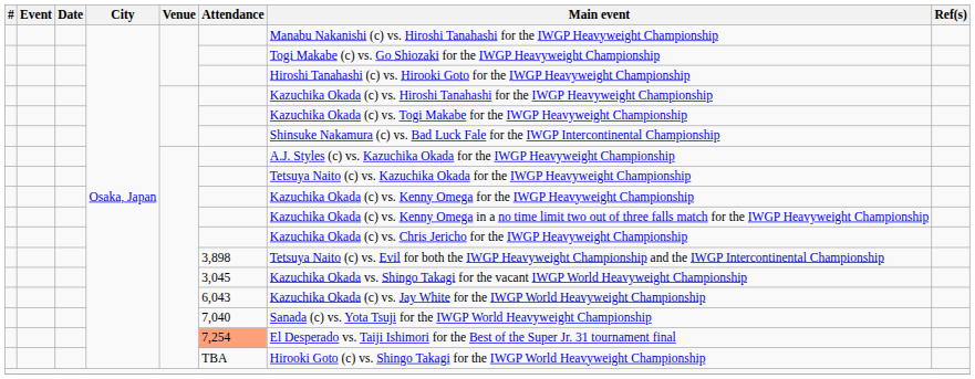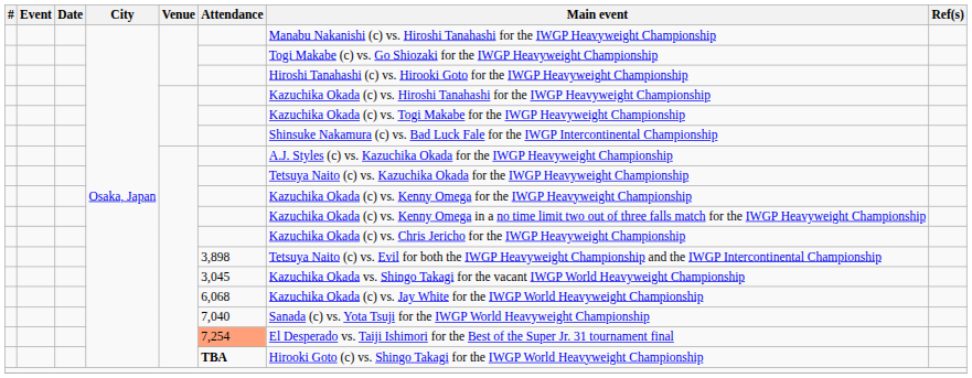 <table class="wikitable sortable" align="center">
 <tr>
 <th>#</th>
 <th>Event</th>
 <th>Date</th>
 <th>City</th>
 <th>Venue</th>
 <th>Attendance</th>
 <th>Main event</th>
 <th>Ref(s)</th>
 </tr>
 <tr>
 <td></td>
 <td></td>
 <td></td>
 <td rowspan="17"><a href='#'>Osaka, Japan</a></td>
 <td rowspan="3"></td>
 <td></td>
 <td align="left"><a href='#'>Manabu Nakanishi</a> (c) vs. <a href='#'>Hiroshi Tanahashi</a> for the <a href='#'>IWGP Heavyweight Championship</a></td>
 <td></td>
 </tr>
 <tr>
 <td></td>
 <td></td>
 <td></td>
 <td></td>
 <td align="left"><a href='#'>Togi Makabe</a> (c) vs. <a href='#'>Go Shiozaki</a> for the <a href='#'>IWGP Heavyweight Championship</a></td>
 <td></td>
 </tr>
 <tr>
 <td></td>
 <td></td>
 <td></td>
 <td></td>
 <td align="left"><a href='#'>Hiroshi Tanahashi</a> (c) vs. <a href='#'>Hirooki Goto</a> for the <a href='#'>IWGP Heavyweight Championship</a></td>
 <td></td>
 </tr>
 <tr>
 <td></td>
 <td></td>
 <td></td>
 <td rowspan="3"></td>
 <td></td>
 <td align="left"><a href='#'>Kazuchika Okada</a> (c) vs. <a href='#'>Hiroshi Tanahashi</a> for the <a href='#'>IWGP Heavyweight Championship</a></td>
 <td></td>
 </tr>
 <tr>
 <td></td>
 <td></td>
 <td></td>
 <td></td>
 <td align="left"><a href='#'>Kazuchika Okada</a> (c) vs. <a href='#'>Togi Makabe</a> for the <a href='#'>IWGP Heavyweight Championship</a></td>
 <td></td>
 </tr>
 <tr>
 <td></td>
 <td></td>
 <td></td>
 <td></td>
 <td align="left"><a href='#'>Shinsuke Nakamura</a> (c) vs. <a href='#'>Bad Luck Fale</a> for the <a href='#'>IWGP Intercontinental Championship</a></td>
 <td></td>
 </tr>
 <tr>
 <td></td>
 <td></td>
 <td></td>
 <td rowspan="11"></td>
 <td></td>
 <td align="left"><a href='#'>A.J. Styles</a> (c) vs. <a href='#'>Kazuchika Okada</a> for the <a href='#'>IWGP Heavyweight Championship</a></td>
 <td></td>
 </tr>
 <tr>
 <td></td>
 <td></td>
 <td></td>
 <td></td>
 <td align="left"><a href='#'>Tetsuya Naito</a> (c) vs. <a href='#'>Kazuchika Okada</a> for the <a href='#'>IWGP Heavyweight Championship</a></td>
 <td></td>
 </tr>
 <tr>
 <td></td>
 <td></td>
 <td></td>
 <td></td>
 <td align="left"><a href='#'>Kazuchika Okada</a> (c) vs. <a href='#'>Kenny Omega</a> for the <a href='#'>IWGP Heavyweight Championship</a></td>
 <td></td>
 </tr>
 <tr>
 <td></td>
 <td></td>
 <td></td>
 <td></td>
 <td align="left"><a href='#'>Kazuchika Okada</a> (c) vs. <a href='#'>Kenny Omega</a> in a <a href='#'>no time limit two out of three falls match</a> for the <a href='#'>IWGP Heavyweight Championship</a></td>
 <td></td>
 </tr>
 <tr>
 <td></td>
 <td></td>
 <td></td>
 <td></td>
 <td><a href='#'>Kazuchika Okada</a> (c) vs. <a href='#'>Chris Jericho</a> for the <a href='#'>IWGP Heavyweight Championship</a></td>
 <td></td>
 </tr>
 <tr>
 <td></td>
 <td></td>
 <td></td>
 <td>3,898</td>
 <td><a href='#'>Tetsuya Naito</a> (c) vs. <a href='#'>Evil</a> for both the <a href='#'>IWGP Heavyweight Championship</a> and the <a href='#'>IWGP Intercontinental Championship</a></td>
 <td></td>
 </tr>
 <tr>
 <td></td>
 <td></td>
 <td></td>
 <td>3,045</td>
 <td><a href='#'>Kazuchika Okada</a> vs. <a href='#'>Shingo Takagi</a> for the vacant <a href='#'>IWGP World Heavyweight Championship</a></td>
 <td></td>
 </tr>
 <tr>
 <td></td>
 <td></td>
 <td></td>
-<td>6,043</td>
+<td>6,068</td>
 <td><a href='#'>Kazuchika Okada</a> (c) vs. <a href='#'>Jay White</a> for the <a href='#'>IWGP World Heavyweight Championship</a></td>
 <td></td>
 </tr>
 <tr>
 <td></td>
 <td></td>
 <td></td>
 <td>7,040</td>
 <td><a href='#'>Sanada</a> (c) vs. <a href='#'>Yota Tsuji</a> for the <a href='#'>IWGP World Heavyweight Championship</a></td>
 <td></td>
 </tr>
 <tr>
 <td></td>
 <td></td>
 <td></td>
 <td style="background: lightsalmon;">7,254</td>
 <td><a href='#'>El Desperado</a> vs. <a href='#'>Taiji Ishimori</a> for the <a href='#'>Best of the Super Jr. 31 tournament final</a></td>
 <td></td>
 </tr>
 <tr>
 <td></td>
 <td></td>
 <td></td>
-<td>TBA</td>
+<td><strong>TBA</strong></td>
 <td><a href='#'>Hirooki Goto</a> (c) vs. <a href='#'>Shingo Takagi</a> for the <a href='#'>IWGP World Heavyweight Championship</a></td>
 <td></td>
 </tr>
 <tr>
 <td colspan="8"></td>
 </tr>
 <tr>
 </tr>
 </table>
